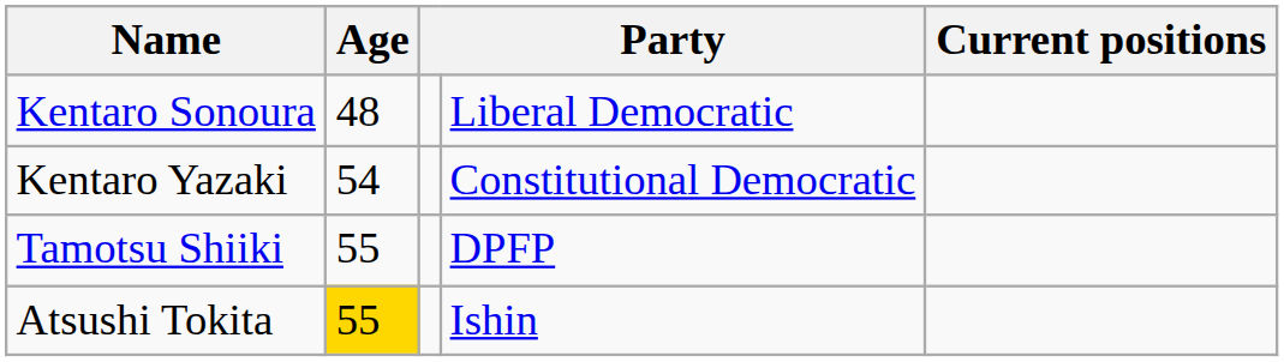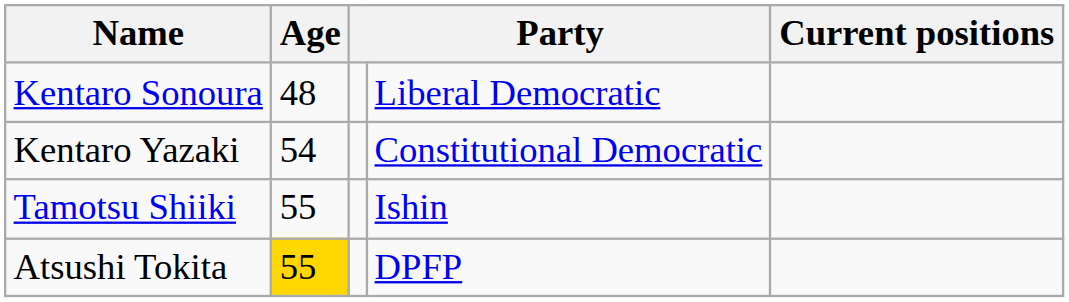 <table class="wikitable">
 <tr style="white-space:nowrap;">
 <th>Name</th>
 <th>Age</th>
 <th colspan=2>Party</th>
 <th>Current positions</th>
 </tr>
 <tr>
 <td><a href='#'>Kentaro Sonoura</a></td>
 <td>48</td>
 <td style="background:"></td>
 <td><a href='#'>Liberal Democratic</a></td>
 <td><br></td>
 </tr>
 <tr>
 <td>Kentaro Yazaki</td>
 <td>54</td>
 <td style="background:"></td>
 <td><a href='#'>Constitutional Democratic</a></td>
 <td><br></td>
 </tr>
 <tr>
 <td><a href='#'>Tamotsu Shiiki</a></td>
 <td>55</td>
 <td style="background:"></td>
-<td><a href='#'>DPFP</a></td>
+<td><a href='#'>Ishin</a></td>
 <td><br></td>
 </tr>
 <tr>
 <td>Atsushi Tokita</td>
 <td style="background: gold;">55</td>
 <td style="background:"></td>
-<td><a href='#'>Ishin</a></td>
+<td><a href='#'>DPFP</a></td>
 <td><br></td>
 </tr>
 </table>
